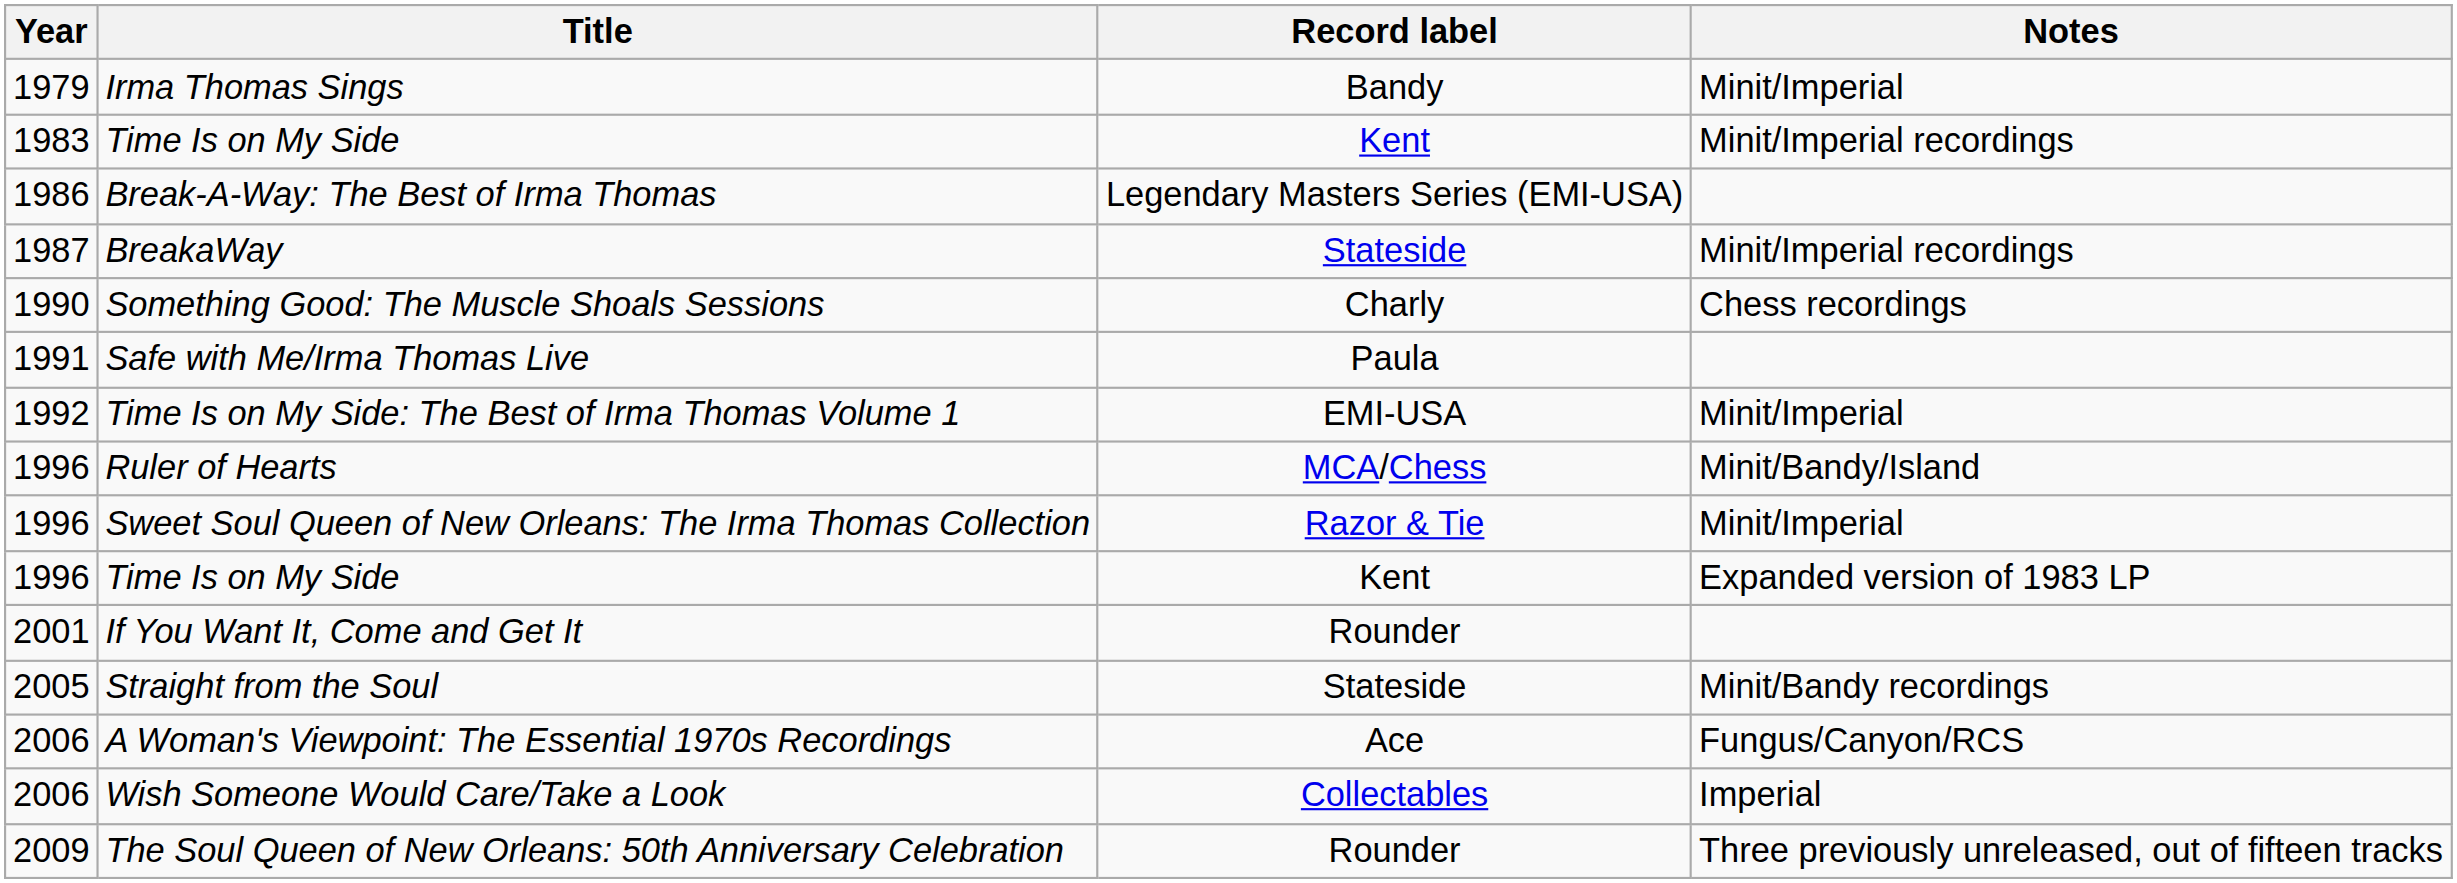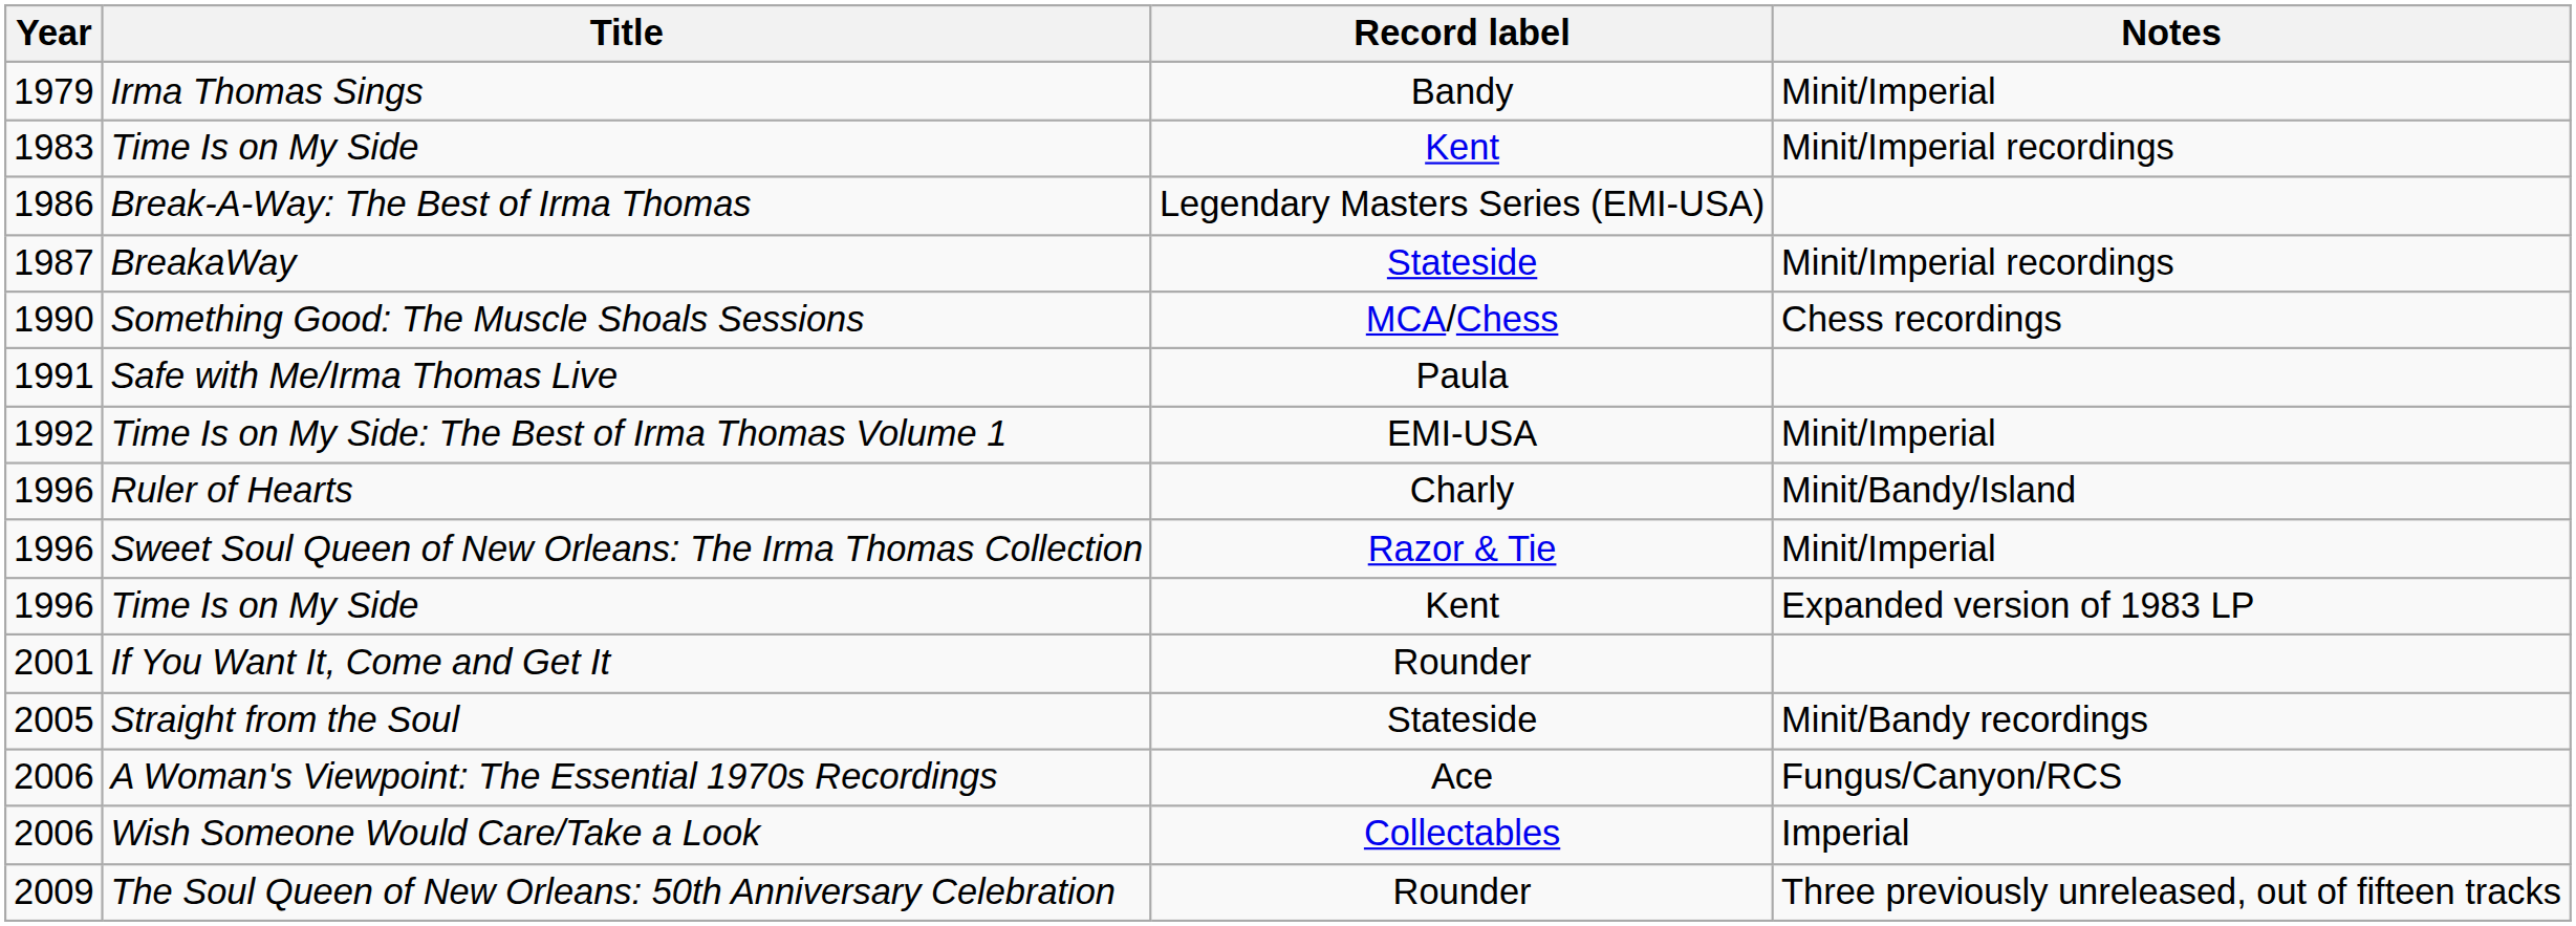 <table class="wikitable sortable">
 <tr>
 <th>Year</th>
 <th>Title</th>
 <th>Record label</th>
 <th>Notes</th>
 </tr>
 <tr>
 <td>1979</td>
 <td><em>Irma Thomas Sings</em></td>
 <td style="text-align:center;">Bandy</td>
 <td>Minit/Imperial</td>
 </tr>
 <tr>
 <td>1983</td>
 <td><em>Time Is on My Side</em></td>
 <td style="text-align:center;"><a href='#'>Kent</a></td>
 <td>Minit/Imperial recordings</td>
 </tr>
 <tr>
 <td>1986</td>
 <td><em>Break-A-Way: The Best of Irma Thomas</em></td>
 <td style="text-align:center;">Legendary Masters Series (EMI-USA)</td>
 <td></td>
 </tr>
 <tr>
 <td>1987</td>
 <td><em>BreakaWay</em></td>
 <td style="text-align:center;"><a href='#'>Stateside</a></td>
 <td>Minit/Imperial recordings</td>
 </tr>
 <tr>
 <td>1990</td>
 <td><em>Something Good: The Muscle Shoals Sessions</em></td>
-<td style="text-align:center;">Charly</td>
+<td style="text-align:center;"><a href='#'>MCA</a>/<a href='#'>Chess</a></td>
 <td>Chess recordings</td>
 </tr>
 <tr>
 <td>1991</td>
 <td><em>Safe with Me/Irma Thomas Live</em></td>
 <td style="text-align:center;">Paula</td>
 <td></td>
 </tr>
 <tr>
 <td>1992</td>
 <td><em>Time Is on My Side: The Best of Irma Thomas Volume 1</em></td>
 <td style="text-align:center;">EMI-USA</td>
 <td>Minit/Imperial</td>
 </tr>
 <tr>
 <td>1996</td>
 <td><em>Ruler of Hearts</em></td>
-<td style="text-align:center;"><a href='#'>MCA</a>/<a href='#'>Chess</a></td>
+<td style="text-align:center;">Charly</td>
 <td>Minit/Bandy/Island</td>
 </tr>
 <tr>
 <td>1996</td>
 <td><em>Sweet Soul Queen of New Orleans: The Irma Thomas Collection</em></td>
 <td style="text-align:center;"><a href='#'>Razor & Tie</a></td>
 <td>Minit/Imperial</td>
 </tr>
 <tr>
 <td>1996</td>
 <td><em>Time Is on My Side</em></td>
 <td style="text-align:center;">Kent</td>
 <td>Expanded version of 1983 LP</td>
 </tr>
 <tr>
 <td>2001</td>
 <td><em>If You Want It, Come and Get It</em></td>
 <td style="text-align:center;">Rounder</td>
 <td></td>
 </tr>
 <tr>
 <td>2005</td>
 <td><em>Straight from the Soul</em></td>
 <td style="text-align:center;">Stateside</td>
 <td>Minit/Bandy recordings</td>
 </tr>
 <tr>
 <td>2006</td>
 <td><em>A Woman's Viewpoint: The Essential 1970s Recordings</em></td>
 <td style="text-align:center;">Ace</td>
 <td>Fungus/Canyon/RCS</td>
 </tr>
 <tr>
 <td>2006</td>
 <td><em>Wish Someone Would Care/Take a Look</em></td>
 <td style="text-align:center;"><a href='#'>Collectables</a></td>
 <td>Imperial</td>
 </tr>
 <tr>
 <td>2009</td>
 <td><em>The Soul Queen of New Orleans: 50th Anniversary Celebration</em></td>
 <td style="text-align:center;">Rounder</td>
 <td>Three previously unreleased, out of fifteen tracks</td>
 </tr>
 </table>
